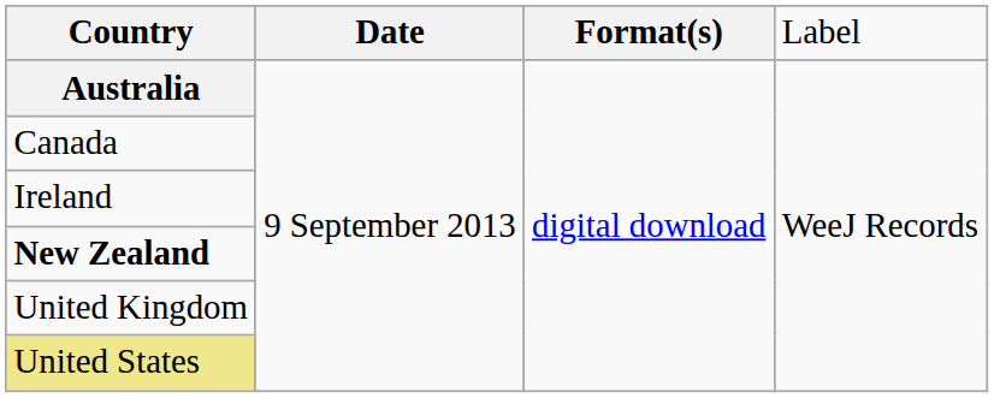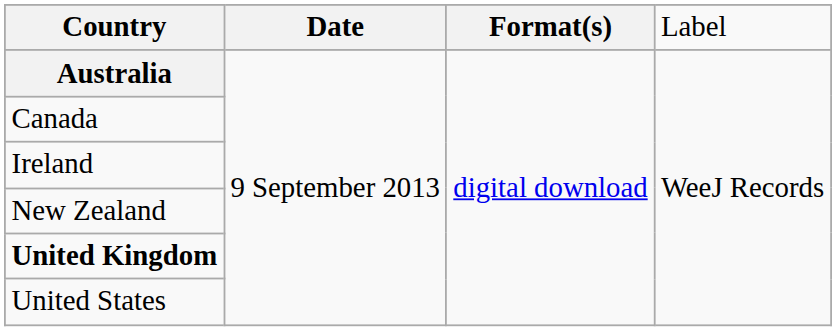 <table class="wikitable plainrowheaders">
 <tr>
 <th scope="col">Country</th>
 <th>Date</th>
 <th>Format(s)</th>
 <td>Label</td>
 </tr>
 <tr>
 <th scope="row">Australia</th>
 <td rowspan="6">9 September 2013</td>
 <td rowspan="6"><a href='#'>digital download</a></td>
 <td rowspan="6">WeeJ Records</td>
 </tr>
 <tr>
 <td>Canada</td>
 </tr>
 <tr>
 <td>Ireland</td>
 </tr>
 <tr>
-<td><strong>New Zealand</strong></td>
+<td>New Zealand</td>
 </tr>
 <tr>
-<td>United Kingdom</td>
+<td><strong>United Kingdom</strong></td>
 </tr>
 <tr>
-<td style="background: khaki;">United States</td>
+<td>United States</td>
 </tr>
 </table>
